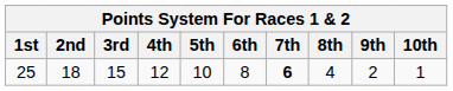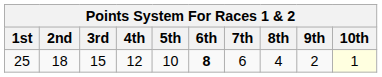 <table class="wikitable" style="font-size:95%; text-align:center">
 <tr>
 <th colspan=10>Points System For Races 1 & 2</th>
 </tr>
 <tr>
 <th> 1st </th>
 <th> 2nd </th>
 <th> 3rd </th>
 <th> 4th </th>
 <th> 5th </th>
 <th> 6th </th>
 <th> 7th </th>
 <th> 8th </th>
 <th> 9th </th>
 <th> 10th </th>
 </tr>
 <tr>
 <td>25</td>
 <td>18</td>
 <td>15</td>
 <td>12</td>
 <td>10</td>
-<td>8</td>
-<td><strong>6</strong></td>
+<td><strong>8</strong></td>
+<td>6</td>
 <td>4</td>
 <td>2</td>
-<td>1</td>
+<td style="background: lightyellow;">1</td>
 </tr>
 </table>
